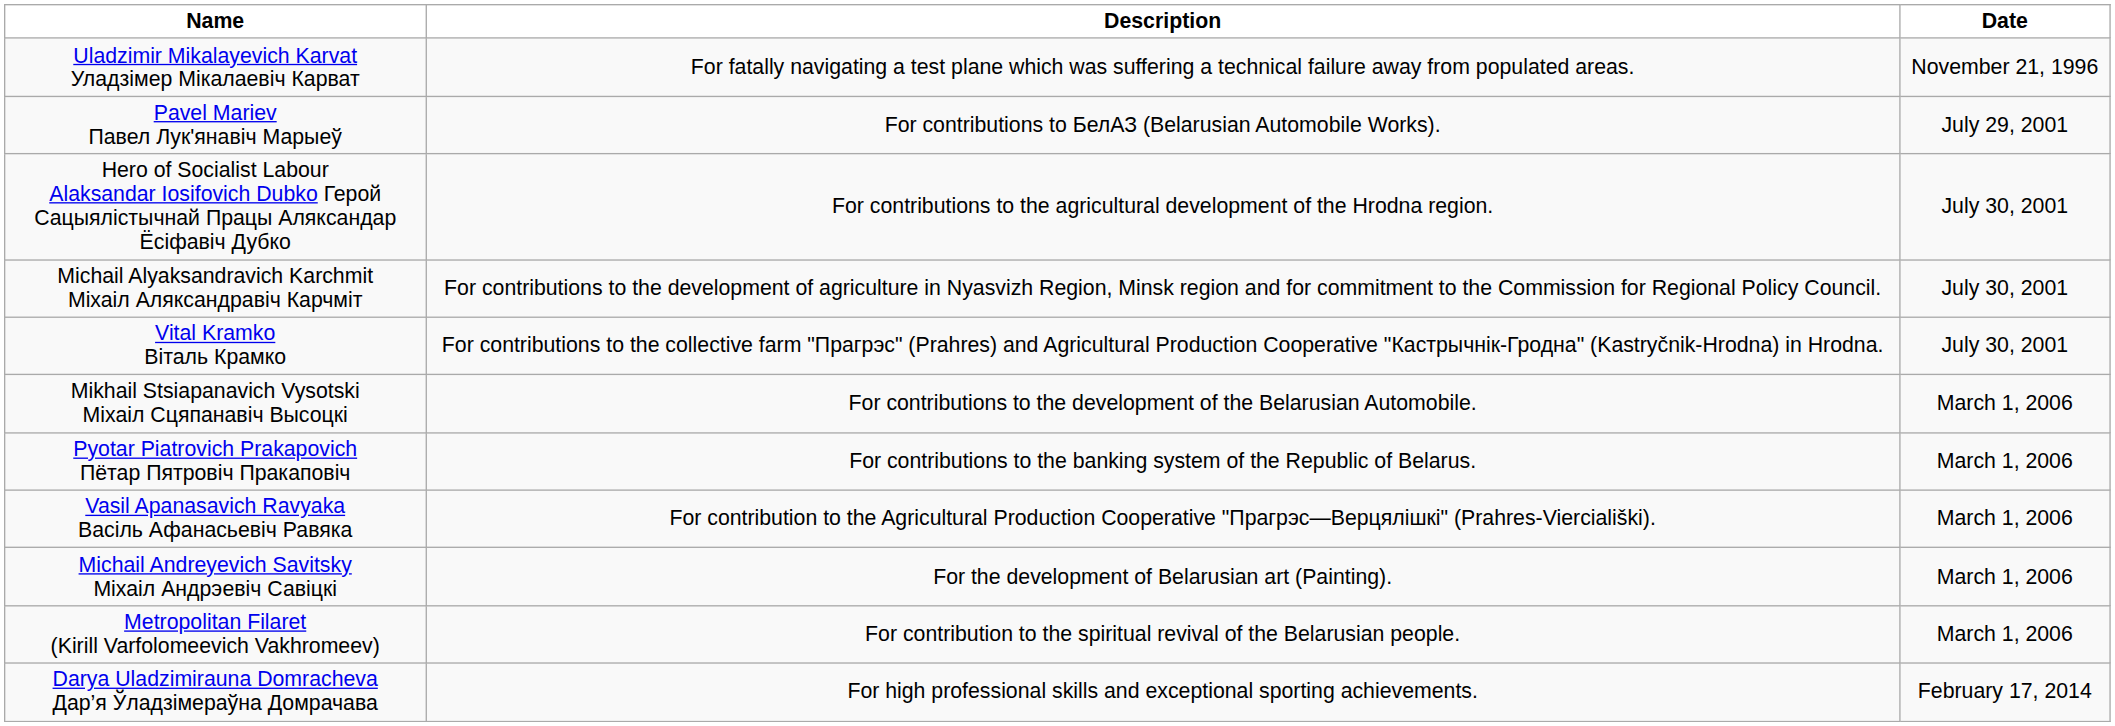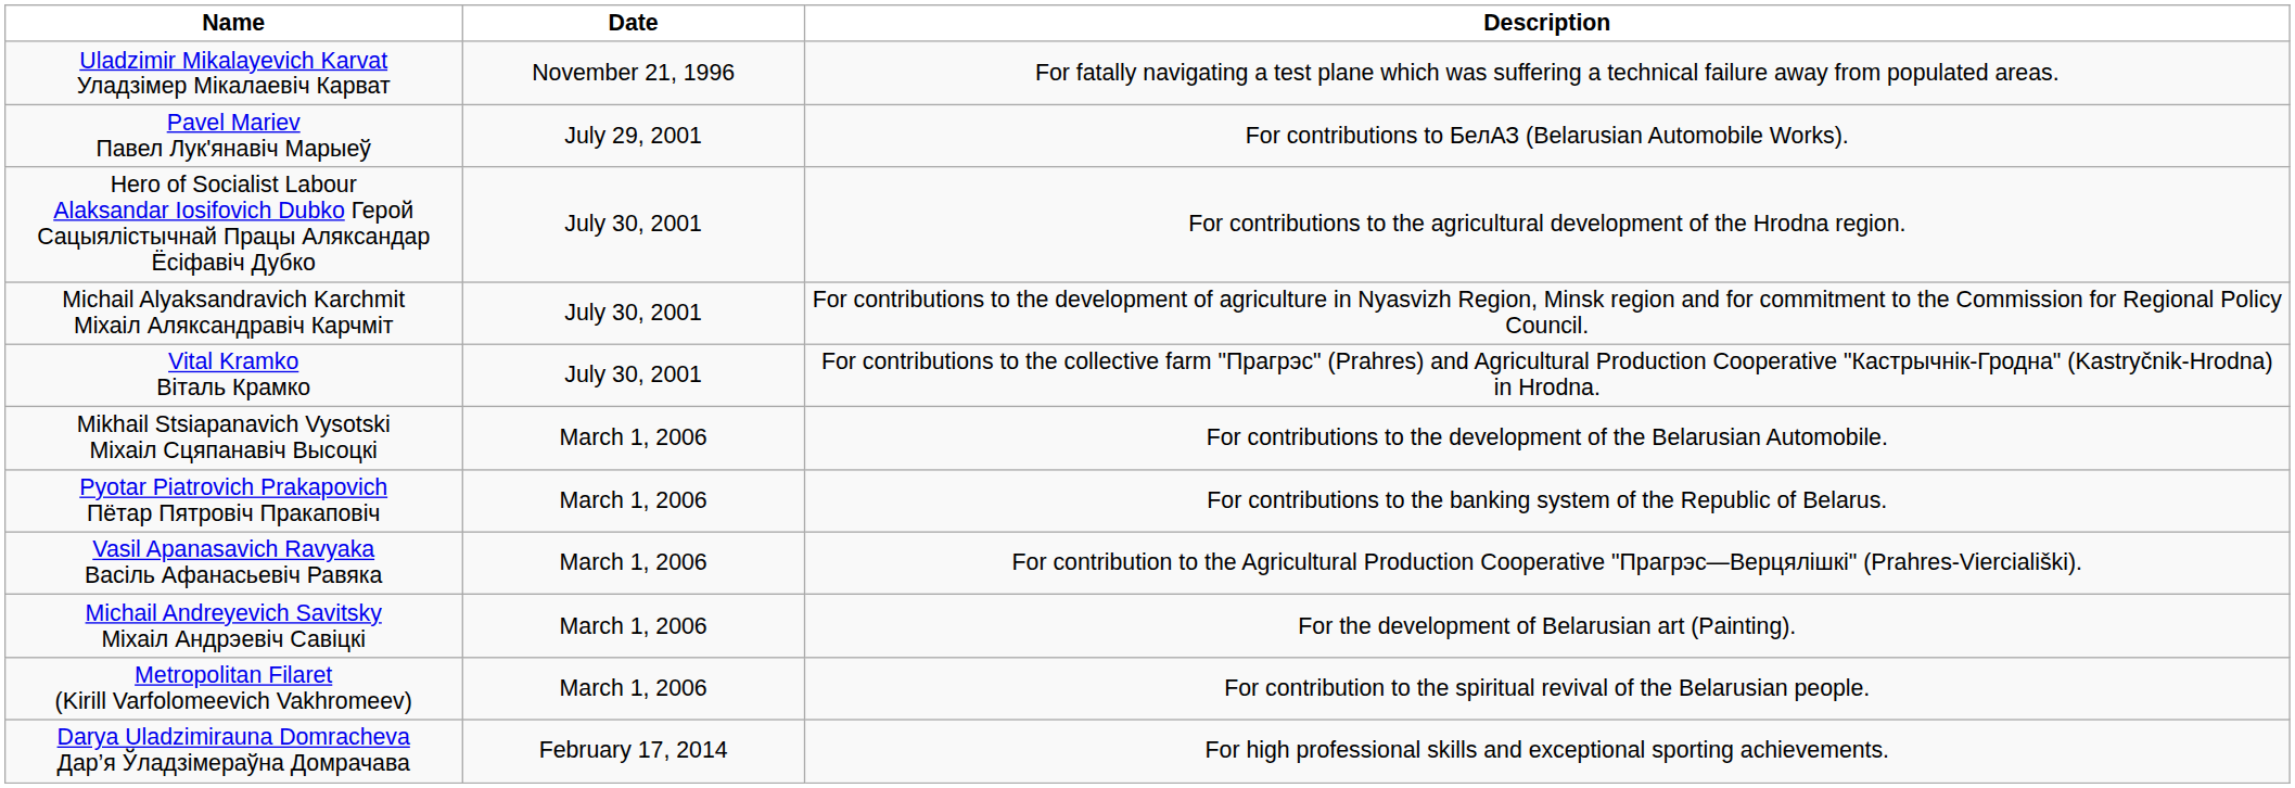 <table class="wikitable" width="100%" style="text-align:center;">
 <tr>
 <td width="20%" bgcolor="#FFFFFF"><strong>Name</strong></td>
+<td width="15%" bgcolor="#FFFFFF"><strong>Date</strong></td>
 <td width="70%" bgcolor="#FFFFFF"><strong>Description</strong></td>
-<td width="15%" bgcolor="#FFFFFF"><strong>Date</strong></td>
 </tr>
 <tr>
 <td><a href='#'>Uladzimir Mikalayevich Karvat</a><br>Уладзімер Мікалаевіч Карват</td>
+<td>November 21, 1996</td>
 <td>For fatally navigating a test plane which was suffering a technical failure away from populated areas.</td>
-<td>November 21, 1996</td>
 </tr>
 <tr>
 <td><a href='#'>Pavel Mariev</a><br>Павел Лук'янавіч Марыеў</td>
+<td>July 29, 2001</td>
 <td>For contributions to БелАЗ (Belarusian Automobile Works).</td>
-<td>July 29, 2001</td>
 </tr>
 <tr>
 <td>Hero of Socialist Labour<br><a href='#'>Alaksandar Iosifovich Dubko</a> Герой Сацыялістычнай Працы Аляксандар Ёсіфавіч Дубко</td>
+<td>July 30, 2001</td>
 <td>For contributions to the agricultural development of the Hrodna region.</td>
-<td>July 30, 2001</td>
 </tr>
 <tr>
 <td>Michail Alyaksandravich Karchmit<br>Міхаіл Аляксандравіч Карчміт</td>
+<td>July 30, 2001</td>
 <td>For contributions to the development of agriculture in Nyasvizh Region, Minsk region and for commitment to the Commission for Regional Policy Council.</td>
-<td>July 30, 2001</td>
 </tr>
 <tr>
 <td><a href='#'>Vital Kramko</a><br>Віталь Крамко</td>
+<td>July 30, 2001</td>
 <td>For contributions to the collective farm  "Прагрэс" (Prahres) and Agricultural Production Cooperative "Кастрычнік-Гродна" (Kastryčnik-Hrodna) in Hrodna.</td>
-<td>July 30, 2001</td>
 </tr>
 <tr>
 <td>Mikhail Stsiapanavich Vysotski<br>Міхаіл Сцяпанавіч Высоцкі</td>
+<td>March 1, 2006</td>
 <td>For contributions to the development of the Belarusian Automobile.</td>
-<td>March 1, 2006</td>
 </tr>
 <tr>
 <td><a href='#'>Pyotar Piatrovich Prakapovich</a><br>Пётар Пятровіч Пракаповіч</td>
+<td>March 1, 2006</td>
 <td>For contributions to the banking system of the Republic of Belarus.</td>
-<td>March 1, 2006</td>
 </tr>
 <tr>
 <td><a href='#'>Vasil Apanasavich Ravyaka</a><br>Васіль Афанасьевіч Равяка</td>
+<td>March 1, 2006</td>
 <td>For contribution to the Agricultural Production Cooperative "Прагрэс—Верцялішкі" (Prahres-Vierciališki).</td>
-<td>March 1, 2006</td>
 </tr>
 <tr>
 <td><a href='#'>Michail Andreyevich Savitsky</a><br>Міхаіл Андрэевіч Савіцкі</td>
+<td>March 1, 2006</td>
 <td>For the development of Belarusian art (Painting).</td>
-<td>March 1, 2006</td>
 </tr>
 <tr>
 <td><a href='#'>Metropolitan Filaret</a><br>(Kirill Varfolomeevich Vakhromeev)</td>
+<td>March 1, 2006</td>
 <td>For contribution to the spiritual revival of the Belarusian people.</td>
-<td>March 1, 2006</td>
 </tr>
 <tr>
 <td><a href='#'>Darya Uladzimirauna Domracheva</a><br>Дар’я Ўладзімераўна Домрачава</td>
+<td>February 17, 2014</td>
 <td>For high professional skills and exceptional sporting achievements.</td>
-<td>February 17, 2014</td>
 </tr>
 </table>
